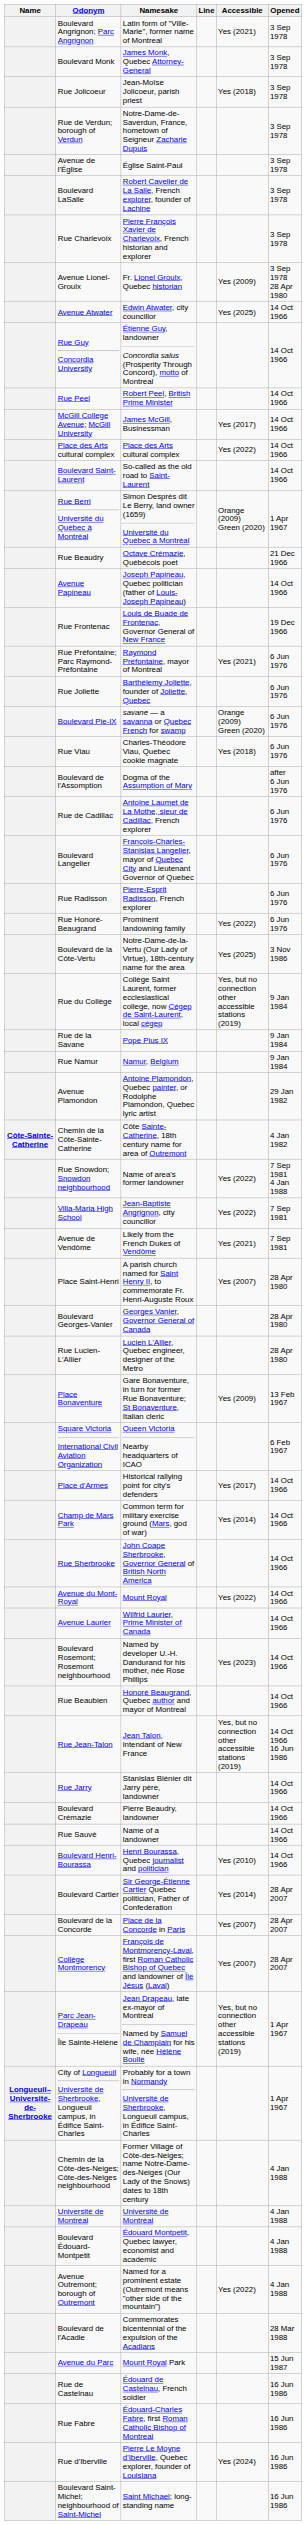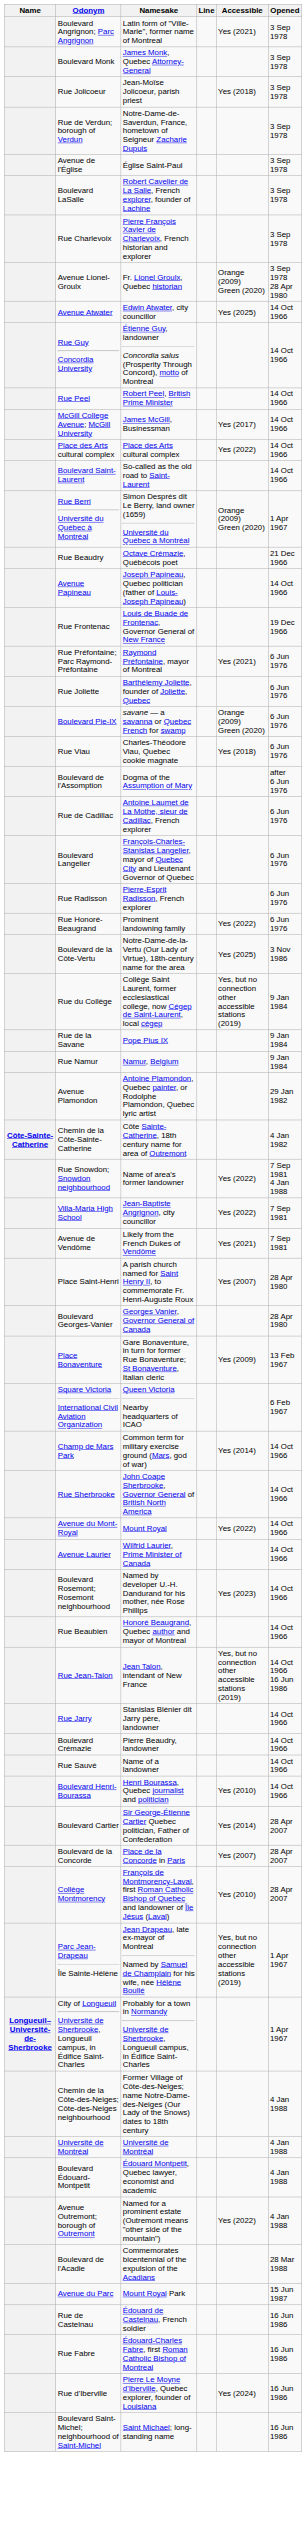 <table class="wikitable sortable">
 <tr>
 <th>Name</th>
 <th class="unsortable"><a href='#'>Odonym</a></th>
 <th class="unsortable">Namesake</th>
 <th>Line</th>
 <th>Accessible</th>
 <th data-sort-type="date">Opened</th>
 </tr>
 <tr>
 <th></th>
 <td>Boulevard Angrignon; <a href='#'>Parc Angrignon</a></td>
 <td>Latin form of "Ville-Marie", former name of Montreal</td>
 <td align="center"></td>
 <td>Yes (2021)</td>
 <td>3 Sep 1978</td>
 </tr>
 <tr>
 <th></th>
 <td>Boulevard Monk</td>
 <td><a href='#'>James Monk</a>, Quebec <a href='#'>Attorney-General</a></td>
 <td align="center"></td>
 <td></td>
 <td>3 Sep 1978</td>
 </tr>
 <tr>
 <th></th>
 <td>Rue Jolicoeur</td>
 <td>Jean-Moïse Jolicoeur, parish priest</td>
 <td align="center"></td>
 <td>Yes (2018)</td>
 <td>3 Sep 1978</td>
 </tr>
 <tr>
 <th></th>
 <td>Rue de Verdun; borough of <a href='#'>Verdun</a></td>
 <td>Notre-Dame-de-Saverdun, France, hometown of Seigneur <a href='#'>Zacharie Dupuis</a></td>
 <td align="center"></td>
 <td></td>
 <td>3 Sep 1978</td>
 </tr>
 <tr>
 <th></th>
 <td>Avenue de l'Église</td>
 <td>Église Saint-Paul</td>
 <td align="center"></td>
 <td></td>
 <td>3 Sep 1978</td>
 </tr>
 <tr>
 <th></th>
 <td>Boulevard LaSalle</td>
 <td><a href='#'>Robert Cavelier de La Salle</a>, French <a href='#'>explorer</a>, founder of <a href='#'>Lachine</a></td>
 <td align="center"></td>
 <td></td>
 <td>3 Sep 1978</td>
 </tr>
 <tr>
 <th></th>
 <td>Rue Charlevoix</td>
 <td><a href='#'>Pierre François Xavier de Charlevoix</a>, French historian and explorer</td>
 <td align="center"></td>
 <td></td>
 <td>3 Sep 1978</td>
 </tr>
 <tr>
 <th></th>
 <td>Avenue Lionel-Groulx</td>
 <td>Fr. <a href='#'>Lionel Groulx</a>, Quebec <a href='#'>historian</a></td>
 <td align="center" data-sort-value="1.2"></td>
-<td>Yes (2009)</td>
+<td>Orange (2009)<br>Green (2020)</td>
 <td data-sort-value="3 Sep 1978">3 Sep 1978 <br>28 Apr 1980 </td>
 </tr>
 <tr>
 <th></th>
 <td><a href='#'>Avenue Atwater</a></td>
 <td><a href='#'>Edwin Atwater</a>, city councillor</td>
 <td align="center"></td>
 <td>Yes (2025)</td>
 <td>14 Oct 1966</td>
 </tr>
 <tr>
 <th></th>
 <td><a href='#'>Rue Guy</a><hr><a href='#'>Concordia University</a></td>
 <td><a href='#'>Étienne Guy</a>, landowner<hr><em>Concordia salus</em> (Prosperity Through Concord), <a href='#'>motto</a> of Montreal</td>
 <td align="center"></td>
 <td></td>
 <td>14 Oct 1966</td>
 </tr>
 <tr>
 <th></th>
 <td><a href='#'>Rue Peel</a></td>
 <td><a href='#'>Robert Peel</a>, <a href='#'>British</a> <a href='#'>Prime Minister</a></td>
 <td align="center"></td>
 <td></td>
 <td>14 Oct 1966</td>
 </tr>
 <tr>
 <th></th>
 <td><a href='#'>McGill College Avenue</a>; <a href='#'>McGill University</a></td>
 <td><a href='#'>James McGill</a>, Businessman</td>
 <td align="center"></td>
 <td>Yes (2017)</td>
 <td>14 Oct 1966</td>
 </tr>
 <tr>
 <th></th>
 <td><a href='#'>Place des Arts</a> cultural complex</td>
 <td><a href='#'>Place des Arts</a> cultural complex</td>
 <td align="center"></td>
 <td>Yes (2022)</td>
 <td>14 Oct 1966</td>
 </tr>
 <tr>
 <th></th>
 <td><a href='#'>Boulevard Saint-Laurent</a></td>
 <td>So-called as the old road to <a href='#'>Saint-Laurent</a></td>
 <td align="center"></td>
 <td></td>
 <td>14 Oct 1966</td>
 </tr>
 <tr>
 <th></th>
 <td><a href='#'>Rue Berri</a><hr><a href='#'>Université du Québec à Montréal</a></td>
 <td>Simon Després dit Le Berry, land owner (1659)<hr><a href='#'>Université du Québec à Montréal</a></td>
 <td align="center" data-sort-value="1.24"></td>
 <td>Orange (2009)<br>Green (2020)</td>
 <td data-sort-value="14 Oct 1966"> <br> 1 Apr 1967 </td>
 </tr>
 <tr>
 <th></th>
 <td>Rue Beaudry</td>
 <td><a href='#'>Octave Crémazie</a>, Québécois poet</td>
 <td align="center"></td>
 <td></td>
 <td>21 Dec 1966</td>
 </tr>
 <tr>
 <th></th>
 <td><a href='#'>Avenue Papineau</a></td>
 <td><a href='#'>Joseph Papineau</a>, Quebec politician (father of <a href='#'>Louis-Joseph Papineau</a>)</td>
 <td align="center"></td>
 <td></td>
 <td>14 Oct 1966</td>
 </tr>
 <tr>
 <th></th>
 <td>Rue Frontenac</td>
 <td><a href='#'>Louis de Buade de Frontenac</a>, Governor General of <a href='#'>New France</a></td>
 <td align="center"></td>
 <td></td>
 <td>19 Dec 1966</td>
 </tr>
 <tr>
 <th></th>
 <td>Rue Préfontaine; Parc Raymond-Préfontaine</td>
 <td><a href='#'>Raymond Préfontaine</a>, mayor of Montreal</td>
 <td align="center"></td>
 <td>Yes (2021)</td>
 <td>6 Jun 1976</td>
 </tr>
 <tr>
 <th></th>
 <td>Rue Joliette</td>
 <td><a href='#'>Barthélemy Joliette</a>, founder of <a href='#'>Joliette</a>, <a href='#'>Quebec</a></td>
 <td align="center"></td>
 <td></td>
 <td>6 Jun 1976</td>
 </tr>
 <tr>
 <th></th>
 <td><a href='#'>Boulevard Pie-IX</a></td>
 <td><em>savane</em> — a <a href='#'>savanna</a> or <a href='#'>Quebec French</a> for <a href='#'>swamp</a></td>
 <td align="center"></td>
 <td>Orange (2009)<br>Green (2020)</td>
 <td>6 Jun 1976</td>
 </tr>
 <tr>
 <th></th>
 <td>Rue Viau</td>
 <td>Charles-Théodore Viau, Quebec cookie magnate</td>
 <td align="center"></td>
 <td>Yes (2018)</td>
 <td>6 Jun 1976</td>
 </tr>
 <tr>
 <th></th>
 <td>Boulevard de l'Assomption</td>
 <td>Dogma of the <a href='#'>Assumption of Mary</a></td>
 <td align="center"></td>
 <td></td>
 <td data-sort-value="15 Oct 1966">after<br>6 Jun 1976</td>
 </tr>
 <tr>
 <th></th>
 <td>Rue de Cadillac</td>
 <td><a href='#'>Antoine Laumet de La Mothe, sieur de Cadillac</a>, French explorer</td>
 <td align="center"></td>
 <td></td>
 <td>6 Jun 1976</td>
 </tr>
 <tr>
 <th></th>
 <td>Boulevard Langelier</td>
 <td><a href='#'>François-Charles-Stanislas Langelier</a>, mayor of <a href='#'>Quebec City</a> and Lieutenant Governor of Quebec</td>
 <td align="center"></td>
 <td></td>
 <td>6 Jun 1976</td>
 </tr>
 <tr>
 <th></th>
 <td>Rue Radisson</td>
 <td><a href='#'>Pierre-Esprit Radisson</a>, French explorer</td>
 <td align="center"></td>
 <td></td>
 <td>6 Jun 1976</td>
 </tr>
 <tr>
 <th></th>
 <td>Rue Honoré-Beaugrand</td>
 <td>Prominent landowning family</td>
 <td align="center"></td>
 <td>Yes (2022)</td>
 <td>6 Jun 1976</td>
 </tr>
 <tr>
 <th data-sort-value="Cote-Vertu"></th>
 <td>Boulevard de la Côte-Vertu</td>
 <td>Notre-Dame-de-la-Vertu (Our Lady of Virtue), 18th-century name for the area</td>
 <td align="center"></td>
 <td>Yes (2025)</td>
 <td>3 Nov 1986</td>
 </tr>
 <tr>
 <th></th>
 <td>Rue du Collège</td>
 <td>Collège Saint Laurent, former ecclesiastical college, now <a href='#'>Cégep de Saint-Laurent</a>, local <a href='#'>cégep</a></td>
 <td align="center"></td>
 <td>Yes, but no connection other accessible stations (2019)</td>
 <td>9 Jan 1984</td>
 </tr>
 <tr>
 <th></th>
 <td>Rue de la Savane</td>
 <td><a href='#'>Pope Pius IX</a></td>
 <td align="center"></td>
 <td></td>
 <td>9 Jan 1984</td>
 </tr>
 <tr>
 <th></th>
 <td>Rue Namur</td>
 <td><a href='#'>Namur</a>, <a href='#'>Belgium</a></td>
 <td align="center"></td>
 <td></td>
 <td>9 Jan 1984</td>
 </tr>
 <tr>
 <th></th>
 <td>Avenue Plamondon</td>
 <td><a href='#'>Antoine Plamondon</a>, Quebec <a href='#'>painter</a>, or Rodolphe Plamondon, Quebec lyric artist</td>
 <td align="center"></td>
 <td></td>
 <td>29 Jan 1982</td>
 </tr>
 <tr>
 <th data-sort-value="Cote-Sainte-Catherine"><a href='#'>Côte-Sainte-Catherine</a></th>
 <td>Chemin de la Côte-Sainte-Catherine</td>
 <td>Côte <a href='#'>Sainte-Catherine</a>, 18th century name for area of <a href='#'>Outremont</a></td>
 <td align="center"></td>
 <td></td>
 <td>4 Jan 1982</td>
 </tr>
 <tr>
 <th></th>
 <td>Rue Snowdon; <a href='#'>Snowdon neighbourhood</a></td>
 <td>Name of area's former landowner</td>
 <td align="center" data-sort-value="2.5"></td>
 <td>Yes (2022)</td>
 <td data-sort-value="7 Sep 1981">7 Sep 1981 <br>4 Jan 1988 </td>
 </tr>
 <tr>
 <th></th>
 <td><a href='#'>Villa-Maria High School</a></td>
 <td><a href='#'>Jean-Baptiste Angrignon</a>, city councillor</td>
 <td align="center"></td>
 <td>Yes (2022)</td>
 <td>7 Sep 1981</td>
 </tr>
 <tr>
 <th></th>
 <td>Avenue de Vendôme</td>
 <td>Likely from the French Dukes of <a href='#'>Vendôme</a></td>
 <td align="center"></td>
 <td>Yes (2021)</td>
 <td>7 Sep 1981</td>
 </tr>
 <tr>
 <th></th>
 <td>Place Saint-Henri</td>
 <td>A parish church named for <a href='#'>Saint Henry II</a>, to commemorate Fr. Henri-Auguste Roux</td>
 <td align="center"></td>
 <td>Yes (2007)</td>
 <td>28 Apr 1980</td>
 </tr>
 <tr>
 <th></th>
 <td>Boulevard Georges-Vanier</td>
 <td><a href='#'>Georges Vanier</a>, <a href='#'>Governor General of Canada</a></td>
 <td align="center"></td>
 <td></td>
 <td>28 Apr 1980</td>
 </tr>
 <tr>
 <th></th>
-<td>Rue Lucien-L'Allier</td>
-<td><a href='#'>Lucien L'Allier</a>, Quebec engineer, designer of the Metro</td>
-<td align="center"></td>
-<td></td>
-<td>28 Apr 1980</td>
-</tr>
-<tr>
-<th></th>
 <td><a href='#'>Place Bonaventure</a></td>
 <td>Gare Bonaventure, in turn for former Rue Bonaventure; <a href='#'>St Bonaventure</a>, Italian cleric</td>
 <td align="center"></td>
 <td>Yes (2009)</td>
 <td>13 Feb 1967</td>
 </tr>
 <tr>
 <th></th>
 <td><a href='#'>Square Victoria</a><hr><a href='#'>International Civil Aviation Organization</a></td>
 <td><a href='#'>Queen Victoria</a><hr>Nearby headquarters of ICAO</td>
 <td align="center"></td>
 <td></td>
 <td>6 Feb 1967</td>
-</tr>
-<tr>
-<th></th>
-<td><a href='#'>Place d'Armes</a></td>
-<td>Historical rallying point for city's defenders</td>
-<td align="center"></td>
-<td>Yes (2017)</td>
-<td>14 Oct 1966</td>
 </tr>
 <tr>
 <th></th>
 <td><a href='#'>Champ de Mars Park</a></td>
 <td>Common term for military exercise ground (<a href='#'>Mars</a>, god of war)</td>
 <td align="center"></td>
 <td>Yes (2014)</td>
 <td>14 Oct 1966</td>
 </tr>
 <tr>
 <th></th>
 <td><a href='#'>Rue Sherbrooke</a></td>
 <td><a href='#'>John Coape Sherbrooke</a>, <a href='#'>Governor General</a> of <a href='#'>British North America</a></td>
 <td align="center"></td>
 <td></td>
 <td>14 Oct 1966</td>
 </tr>
 <tr>
 <th></th>
 <td><a href='#'>Avenue du Mont-Royal</a></td>
 <td><a href='#'>Mount Royal</a></td>
 <td align="center"></td>
 <td>Yes (2022)</td>
 <td>14 Oct 1966</td>
 </tr>
 <tr>
 <th></th>
 <td><a href='#'>Avenue Laurier</a></td>
 <td><a href='#'>Wilfrid Laurier</a>, <a href='#'>Prime Minister of Canada</a></td>
 <td align="center"></td>
 <td></td>
 <td>14 Oct 1966</td>
 </tr>
 <tr>
 <th></th>
 <td>Boulevard Rosemont; Rosemont neighbourhood</td>
 <td>Named by developer U.-H. Dandurand for his mother, née Rose Phillips</td>
 <td align="center"></td>
 <td>Yes (2023)</td>
 <td>14 Oct 1966</td>
 </tr>
 <tr>
 <th></th>
 <td>Rue Beaubien</td>
 <td><a href='#'>Honoré Beaugrand</a>, Quebec <a href='#'>author</a> and mayor of Montreal</td>
 <td align="center"></td>
 <td></td>
 <td>14 Oct 1966</td>
 </tr>
 <tr>
 <th></th>
 <td><a href='#'>Rue Jean-Talon</a></td>
 <td><a href='#'>Jean Talon</a>, intendant of New France</td>
 <td align="center" data-sort-value="2.5"></td>
 <td>Yes, but no connection other accessible stations (2019)</td>
 <td data-sort-value="14 Oct 1966">14 Oct 1966 <br>16 Jun 1986 </td>
 </tr>
 <tr>
 <th></th>
 <td><a href='#'>Rue Jarry</a></td>
 <td>Stanislas Blénier dit Jarry père, landowner</td>
 <td align="center"></td>
 <td></td>
 <td>14 Oct 1966</td>
 </tr>
 <tr>
 <th></th>
 <td>Boulevard Crémazie</td>
 <td>Pierre Beaudry, landowner</td>
 <td align="center"></td>
 <td></td>
 <td>14 Oct 1966</td>
 </tr>
 <tr>
 <th></th>
 <td>Rue Sauvé</td>
 <td>Name of a landowner</td>
 <td align="center"></td>
 <td></td>
 <td>14 Oct 1966</td>
 </tr>
 <tr>
 <th></th>
 <td><a href='#'>Boulevard Henri-Bourassa</a></td>
 <td><a href='#'>Henri Bourassa</a>, Quebec <a href='#'>journalist</a> and <a href='#'>politician</a></td>
 <td align="center"></td>
 <td>Yes (2010)</td>
 <td>14 Oct 1966</td>
 </tr>
 <tr>
 <th></th>
 <td>Boulevard Cartier</td>
 <td><a href='#'>Sir George-Étienne Cartier</a> Quebec politician, Father of Confederation</td>
 <td align="center"></td>
 <td>Yes (2014)</td>
 <td>28 Apr 2007</td>
 </tr>
 <tr>
 <th></th>
 <td>Boulevard de la Concorde</td>
 <td><a href='#'>Place de la Concorde</a> in <a href='#'>Paris</a></td>
 <td align="center"></td>
 <td>Yes (2007)</td>
 <td>28 Apr 2007</td>
 </tr>
 <tr>
 <th></th>
 <td><a href='#'>Collège Montmorency</a></td>
 <td><a href='#'>François de Montmorency-Laval</a>, first <a href='#'>Roman Catholic Bishop of Quebec</a> and landowner of <a href='#'>Île Jésus</a> (<a href='#'>Laval</a>)</td>
 <td align="center"></td>
-<td>Yes (2007)</td>
+<td>Yes (2010)</td>
 <td>28 Apr 2007</td>
 </tr>
 <tr>
 <th></th>
 <td><a href='#'>Parc Jean-Drapeau</a><hr>Île Sainte-Hélène</td>
 <td><a href='#'>Jean Drapeau</a>, late ex-mayor of Montreal<hr>Named by <a href='#'>Samuel de Champlain</a> for his wife, née <a href='#'>Hélène Boullé</a></td>
 <td align="center"></td>
 <td>Yes, but no connection other accessible stations (2019)</td>
 <td>1 Apr 1967</td>
 </tr>
 <tr>
 <th><a href='#'>Longueuil–Université-de-Sherbrooke</a></th>
 <td>City of <a href='#'>Longueuil</a><hr><a href='#'>Université de Sherbrooke</a>, Longueuil campus, in Édifice Saint-Charles</td>
 <td>Probably for a town in <a href='#'>Normandy</a><hr><a href='#'>Université de Sherbrooke</a>, Longueuil campus, in Édifice Saint-Charles</td>
 <td align="center"></td>
 <td></td>
 <td>1 Apr 1967</td>
 </tr>
 <tr>
 <th data-sort-value="Cote-des-Neiges"></th>
 <td>Chemin de la Côte-des-Neiges; Côte-des-Neiges neighbourhood</td>
 <td>Former Village of Côte-des-Neiges; name Notre-Dame-des-Neiges (Our Lady of the Snows) dates to 18th century</td>
 <td align="center"></td>
 <td></td>
 <td>4 Jan 1988</td>
 </tr>
 <tr>
 <th></th>
 <td><a href='#'>Université de Montréal</a></td>
 <td><a href='#'>Université de Montréal</a></td>
 <td align="center"></td>
 <td></td>
 <td>4 Jan 1988</td>
 </tr>
 <tr>
 <th data-sort-value="Edouard-Montpetit"></th>
 <td>Boulevard Édouard-Montpetit</td>
 <td><a href='#'>Édouard Montpetit</a>, Quebec lawyer, economist and academic</td>
 <td align="center"></td>
 <td></td>
 <td>4 Jan 1988</td>
 </tr>
 <tr>
 <th></th>
 <td>Avenue Outremont; borough of <a href='#'>Outremont</a></td>
 <td>Named for a prominent estate (Outremont means "other side of the mountain")</td>
 <td align="center"></td>
 <td>Yes (2022)</td>
 <td>4 Jan 1988</td>
 </tr>
 <tr>
 <th></th>
 <td>Boulevard de l'Acadie</td>
 <td>Commemorates bicentennial of the expulsion of the <a href='#'>Acadians</a></td>
 <td align="center"></td>
 <td></td>
 <td>28 Mar 1988</td>
 </tr>
 <tr>
 <th></th>
 <td><a href='#'>Avenue du Parc</a></td>
 <td><a href='#'>Mount Royal</a> Park</td>
 <td align="center"></td>
 <td></td>
 <td>15 Jun 1987</td>
 </tr>
 <tr>
 <th></th>
 <td>Rue de Castelnau</td>
 <td><a href='#'>Édouard de Castelnau</a>, French soldier</td>
 <td align="center"></td>
 <td></td>
 <td>16 Jun 1986</td>
 </tr>
 <tr>
 <th></th>
 <td>Rue Fabre</td>
 <td><a href='#'>Édouard-Charles Fabre</a>, first <a href='#'>Roman Catholic Bishop of Montreal</a></td>
 <td align="center"></td>
 <td></td>
 <td>16 Jun 1986</td>
 </tr>
 <tr>
 <th></th>
 <td>Rue d'Iberville</td>
 <td><a href='#'>Pierre Le Moyne d'Iberville</a>, Quebec explorer, founder of <a href='#'>Louisiana</a></td>
 <td align="center"></td>
 <td>Yes (2024)</td>
 <td>16 Jun 1986</td>
 </tr>
 <tr>
 <th></th>
 <td>Boulevard Saint-Michel; neighbourhood of <a href='#'>Saint-Michel</a></td>
 <td><a href='#'>Saint Michael</a>; long-standing name</td>
 <td align="center"></td>
 <td></td>
 <td>16 Jun 1986</td>
 </tr>
 </table>
